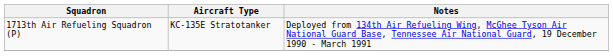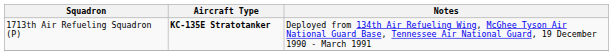 <table class="wikitable">
 <tr>
 <th scope="col" width="250">Squadron</th>
 <th scope="col" width="175">Aircraft Type</th>
 <th scope="col" width="500">Notes</th>
 </tr>
 <tr valign="top">
 <td>1713th Air Refueling Squadron (P)</td>
-<td>KC-135E Stratotanker</td>
+<td><strong>KC-135E Stratotanker</strong></td>
 <td>Deployed from <a href='#'>134th Air Refueling Wing</a>, <a href='#'>McGhee Tyson Air National Guard Base</a>, <a href='#'>Tennessee Air National Guard</a>, 19 December 1990 - March 1991</td>
 </tr>
 <tr>
 </tr>
 <tr>
 </tr>
 </table>
